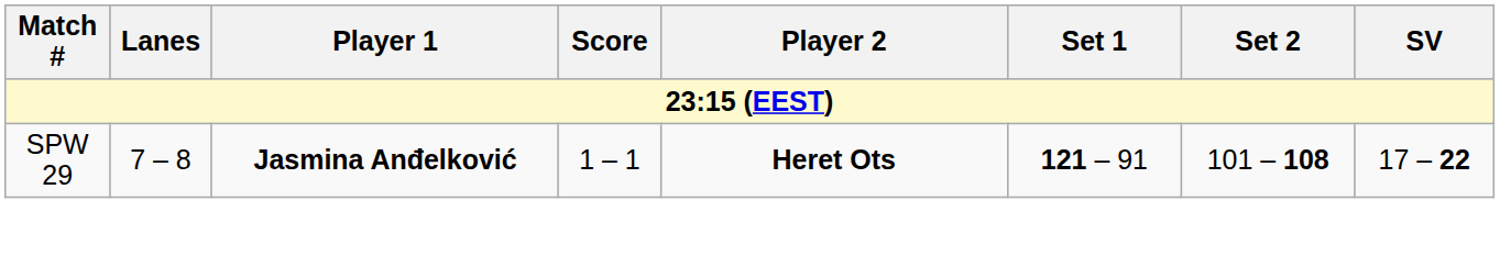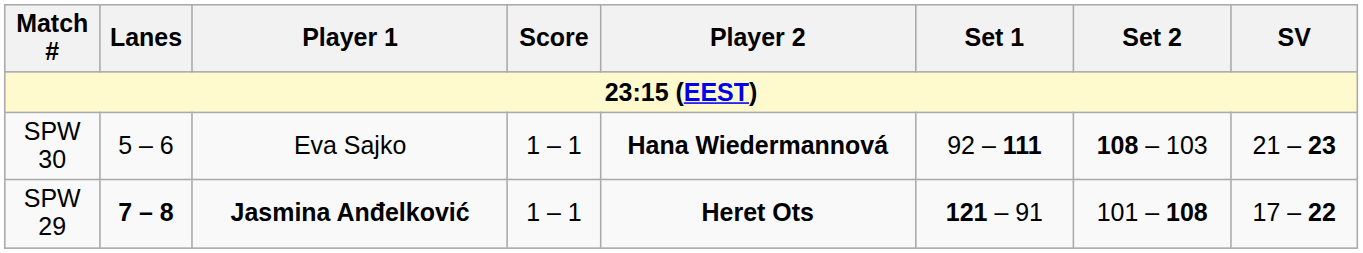 <table class="wikitable">
 <tr>
 <th width="5%">Match #</th>
 <th width="4%">Lanes</th>
 <th width="20%">Player 1</th>
 <th width="5%">Score</th>
 <th width="20%">Player 2</th>
 <th width="10%">Set 1</th>
 <th width="10%">Set 2</th>
 <th width="8%">SV</th>
 </tr>
 <tr>
 <td colspan="8" style="text-align:center; background-color:#FFFACD"><strong>23:15 (<a href='#'>EEST</a>)</strong></td>
 </tr>
 <tr style=text-align:center;"background:#;">
+<td>SPW 30</td>
+<td>5 – 6</td>
+<td> Eva Sajko</td>
+<td>1 – 1</td>
+<td> <strong>Hana Wiedermannová</strong></td>
+<td>92 – <strong>111</strong></td>
+<td><strong>108</strong> – 103</td>
+<td>21 – <strong>23</strong></td>
+</tr>
+<tr style=text-align:center;"background:#;">
 <td>SPW 29</td>
-<td>7 – 8</td>
+<td><strong>7 – 8</strong></td>
 <td><strong> Jasmina Anđelković</strong></td>
 <td>1 – 1</td>
 <td> <strong>Heret Ots</strong></td>
 <td><strong>121</strong> – 91</td>
 <td>101 – <strong>108</strong></td>
 <td>17 – <strong>22</strong></td>
 </tr>
 </table>
